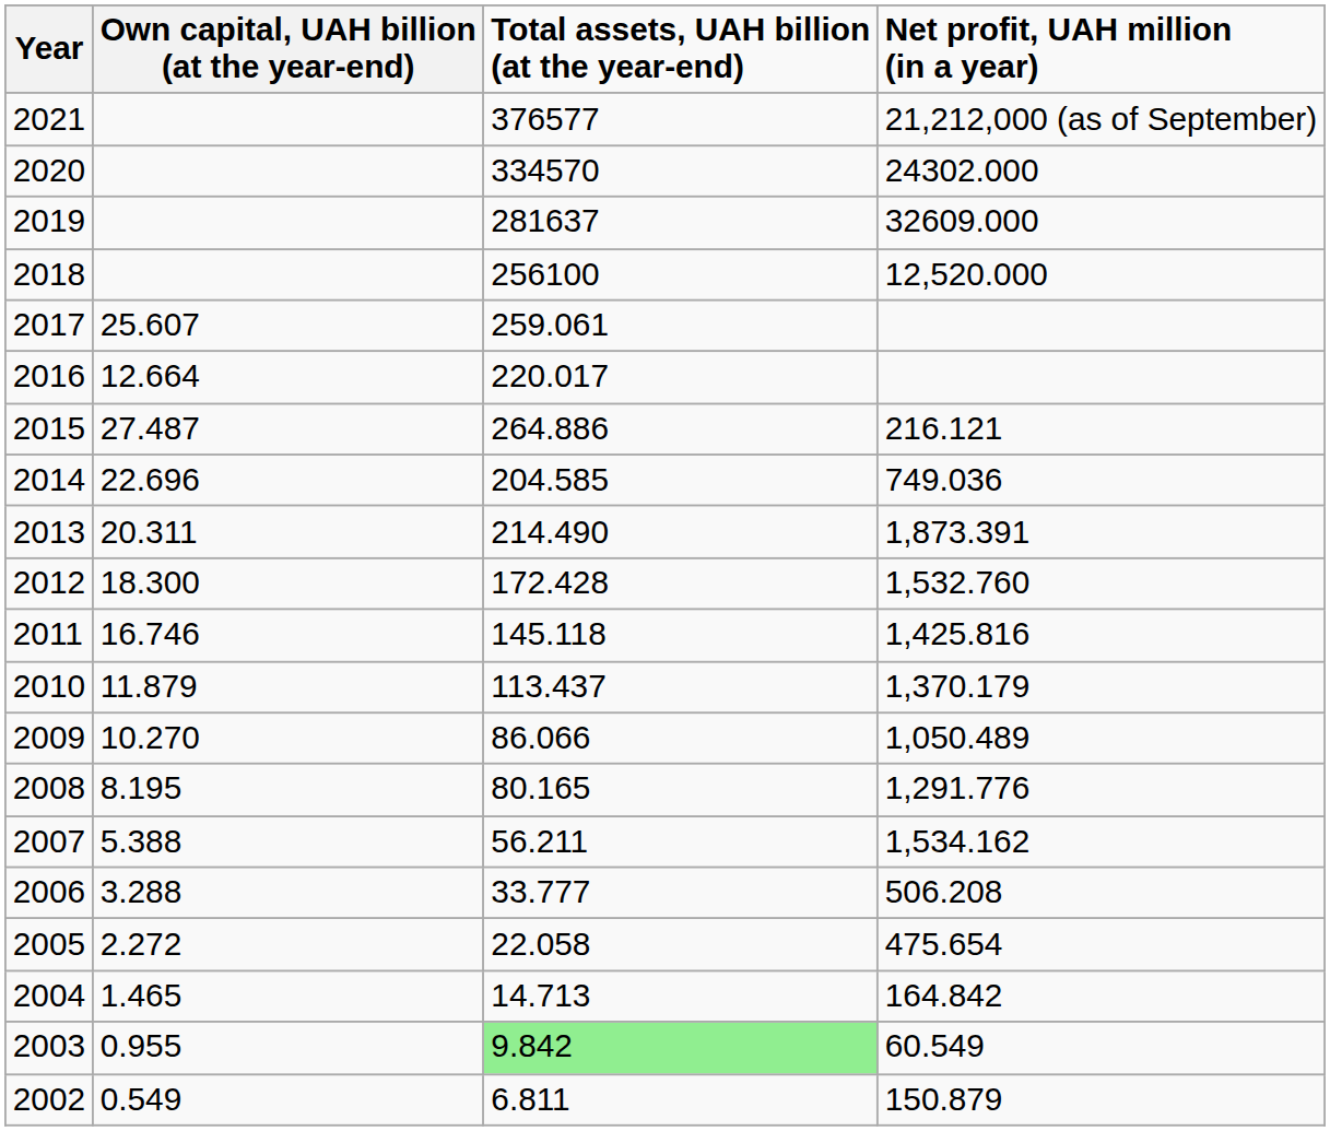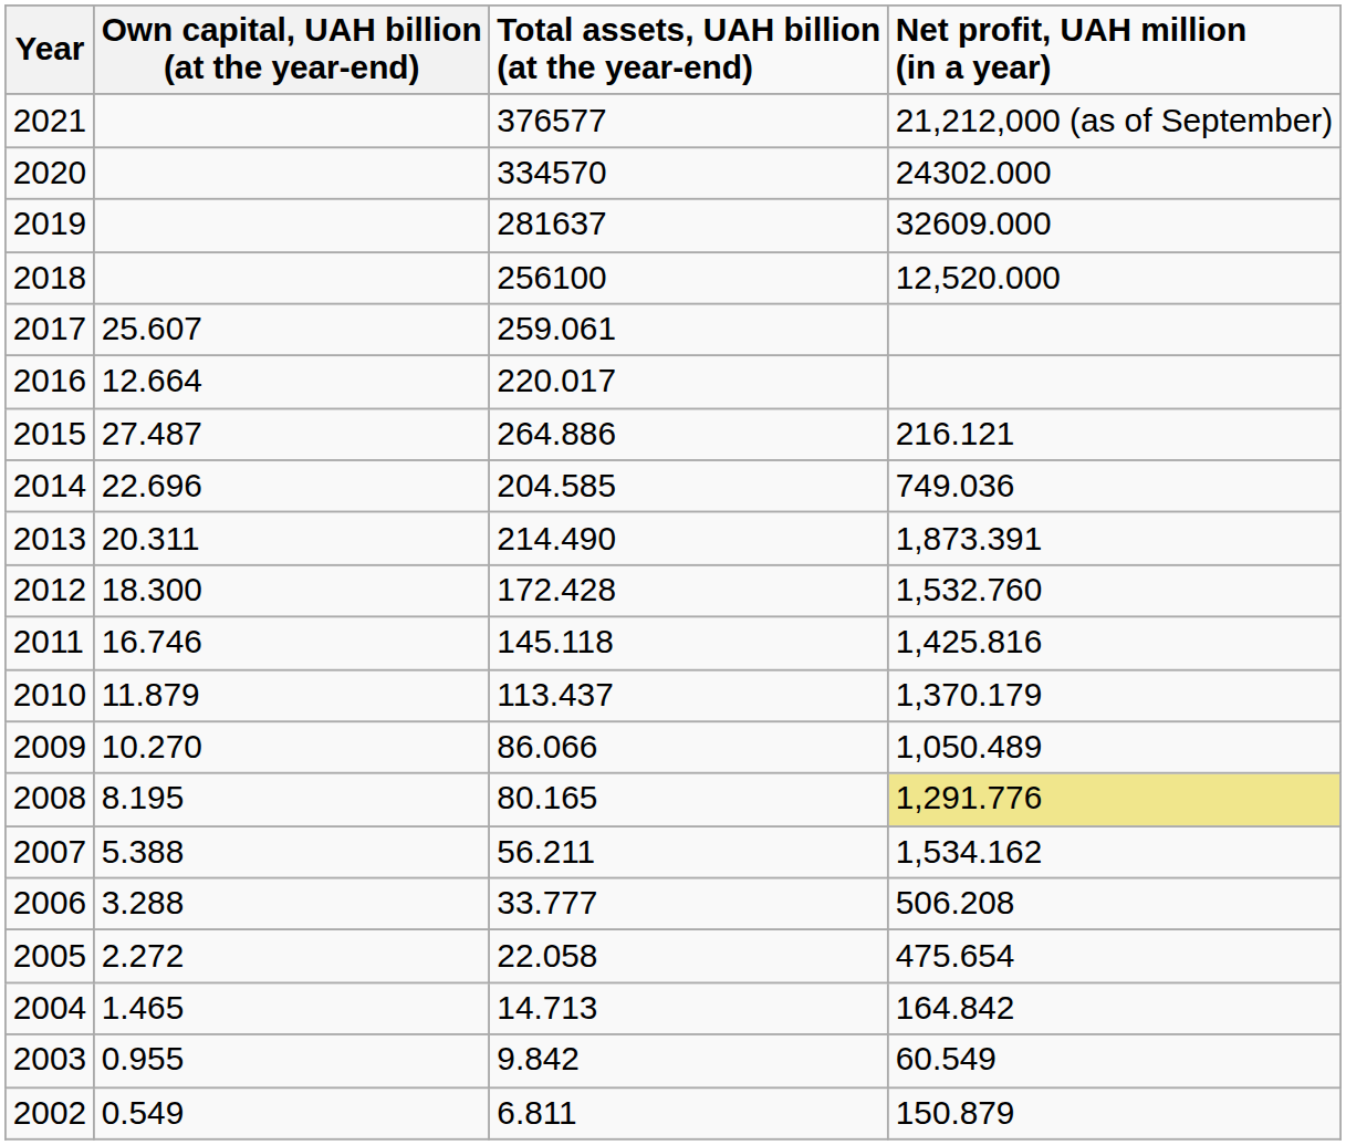 <table class="wikitable">
 <tr>
 <th>Year</th>
 <th>Own capital, UAH billion<br><strong>(at the year-end)</strong></th>
 <td><strong>Total assets, UAH billion</strong><br><strong>(at the year-end)</strong></td>
 <td><strong>Net profit, UAH million</strong><br><strong>(in a year)</strong></td>
 </tr>
 <tr>
 <td>2021</td>
 <td></td>
 <td>376577</td>
 <td>21,212,000 (as of September)</td>
 </tr>
 <tr>
 <td>2020</td>
 <td></td>
 <td>334570</td>
 <td>24302.000</td>
 </tr>
 <tr>
 <td>2019</td>
 <td></td>
 <td>281637</td>
 <td>32609.000</td>
 </tr>
 <tr>
 <td>2018</td>
 <td></td>
 <td>256100</td>
 <td>12,520.000</td>
 </tr>
 <tr>
 <td>2017</td>
 <td>25.607</td>
 <td>259.061</td>
 <td></td>
 </tr>
 <tr>
 <td>2016</td>
 <td>12.664</td>
 <td>220.017</td>
 <td></td>
 </tr>
 <tr>
 <td>2015</td>
 <td>27.487</td>
 <td>264.886</td>
 <td>216.121</td>
 </tr>
 <tr>
 <td>2014</td>
 <td>22.696</td>
 <td>204.585</td>
 <td>749.036</td>
 </tr>
 <tr>
 <td>2013</td>
 <td>20.311</td>
 <td>214.490</td>
 <td>1,873.391</td>
 </tr>
 <tr>
 <td>2012</td>
 <td>18.300</td>
 <td>172.428</td>
 <td>1,532.760</td>
 </tr>
 <tr>
 <td>2011</td>
 <td>16.746</td>
 <td>145.118</td>
 <td>1,425.816</td>
 </tr>
 <tr>
 <td>2010</td>
 <td>11.879</td>
 <td>113.437</td>
 <td>1,370.179</td>
 </tr>
 <tr>
 <td>2009</td>
 <td>10.270</td>
 <td>86.066</td>
 <td>1,050.489</td>
 </tr>
 <tr>
 <td>2008</td>
 <td>8.195</td>
 <td>80.165</td>
-<td>1,291.776</td>
+<td style="background: khaki;">1,291.776</td>
 </tr>
 <tr>
 <td>2007</td>
 <td>5.388</td>
 <td>56.211</td>
 <td>1,534.162</td>
 </tr>
 <tr>
 <td>2006</td>
 <td>3.288</td>
 <td>33.777</td>
 <td>506.208</td>
 </tr>
 <tr>
 <td>2005</td>
 <td>2.272</td>
 <td>22.058</td>
 <td>475.654</td>
 </tr>
 <tr>
 <td>2004</td>
 <td>1.465</td>
 <td>14.713</td>
 <td>164.842</td>
 </tr>
 <tr>
 <td>2003</td>
 <td>0.955</td>
-<td style="background: lightgreen;">9.842</td>
+<td>9.842</td>
 <td>60.549</td>
 </tr>
 <tr>
 <td>2002</td>
 <td>0.549</td>
 <td>6.811</td>
 <td>150.879</td>
 </tr>
 </table>
